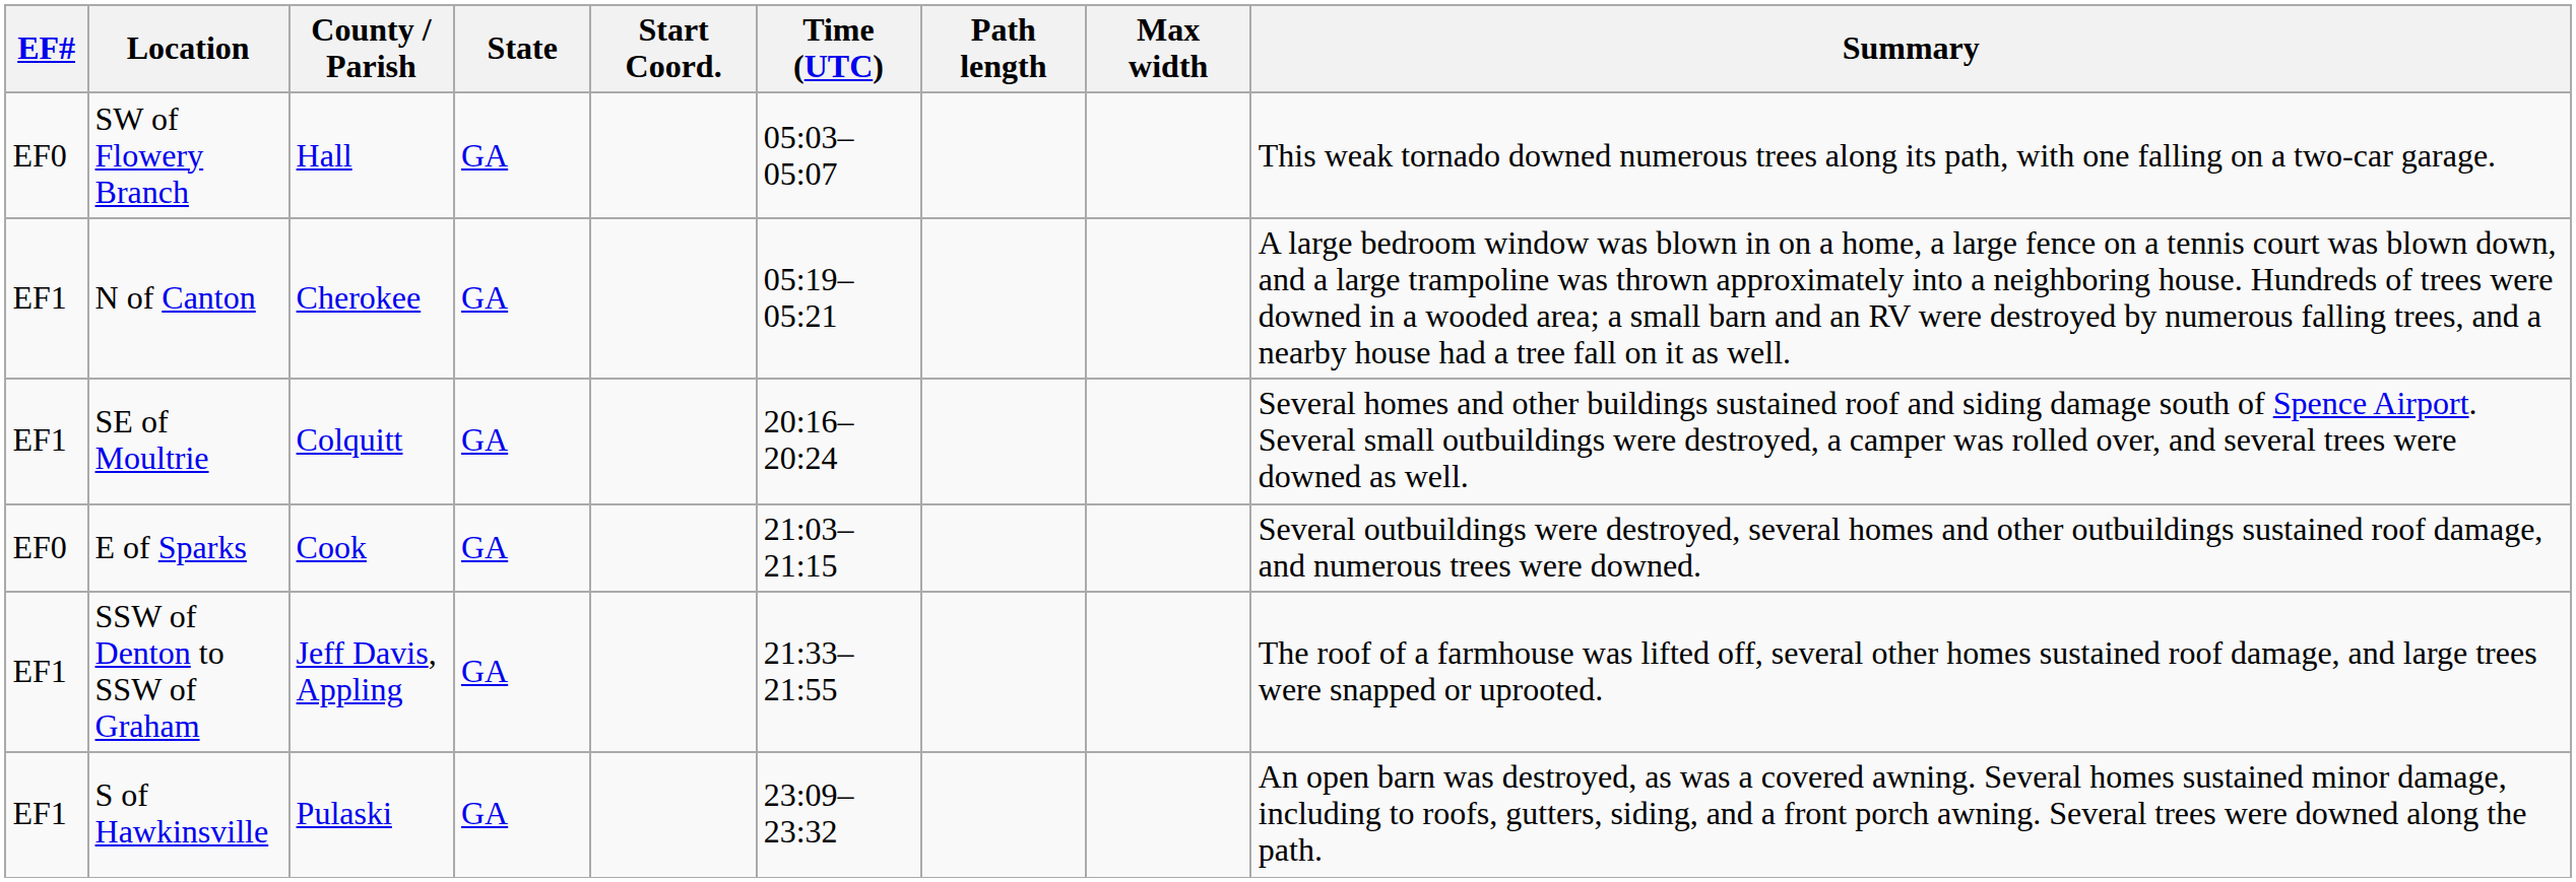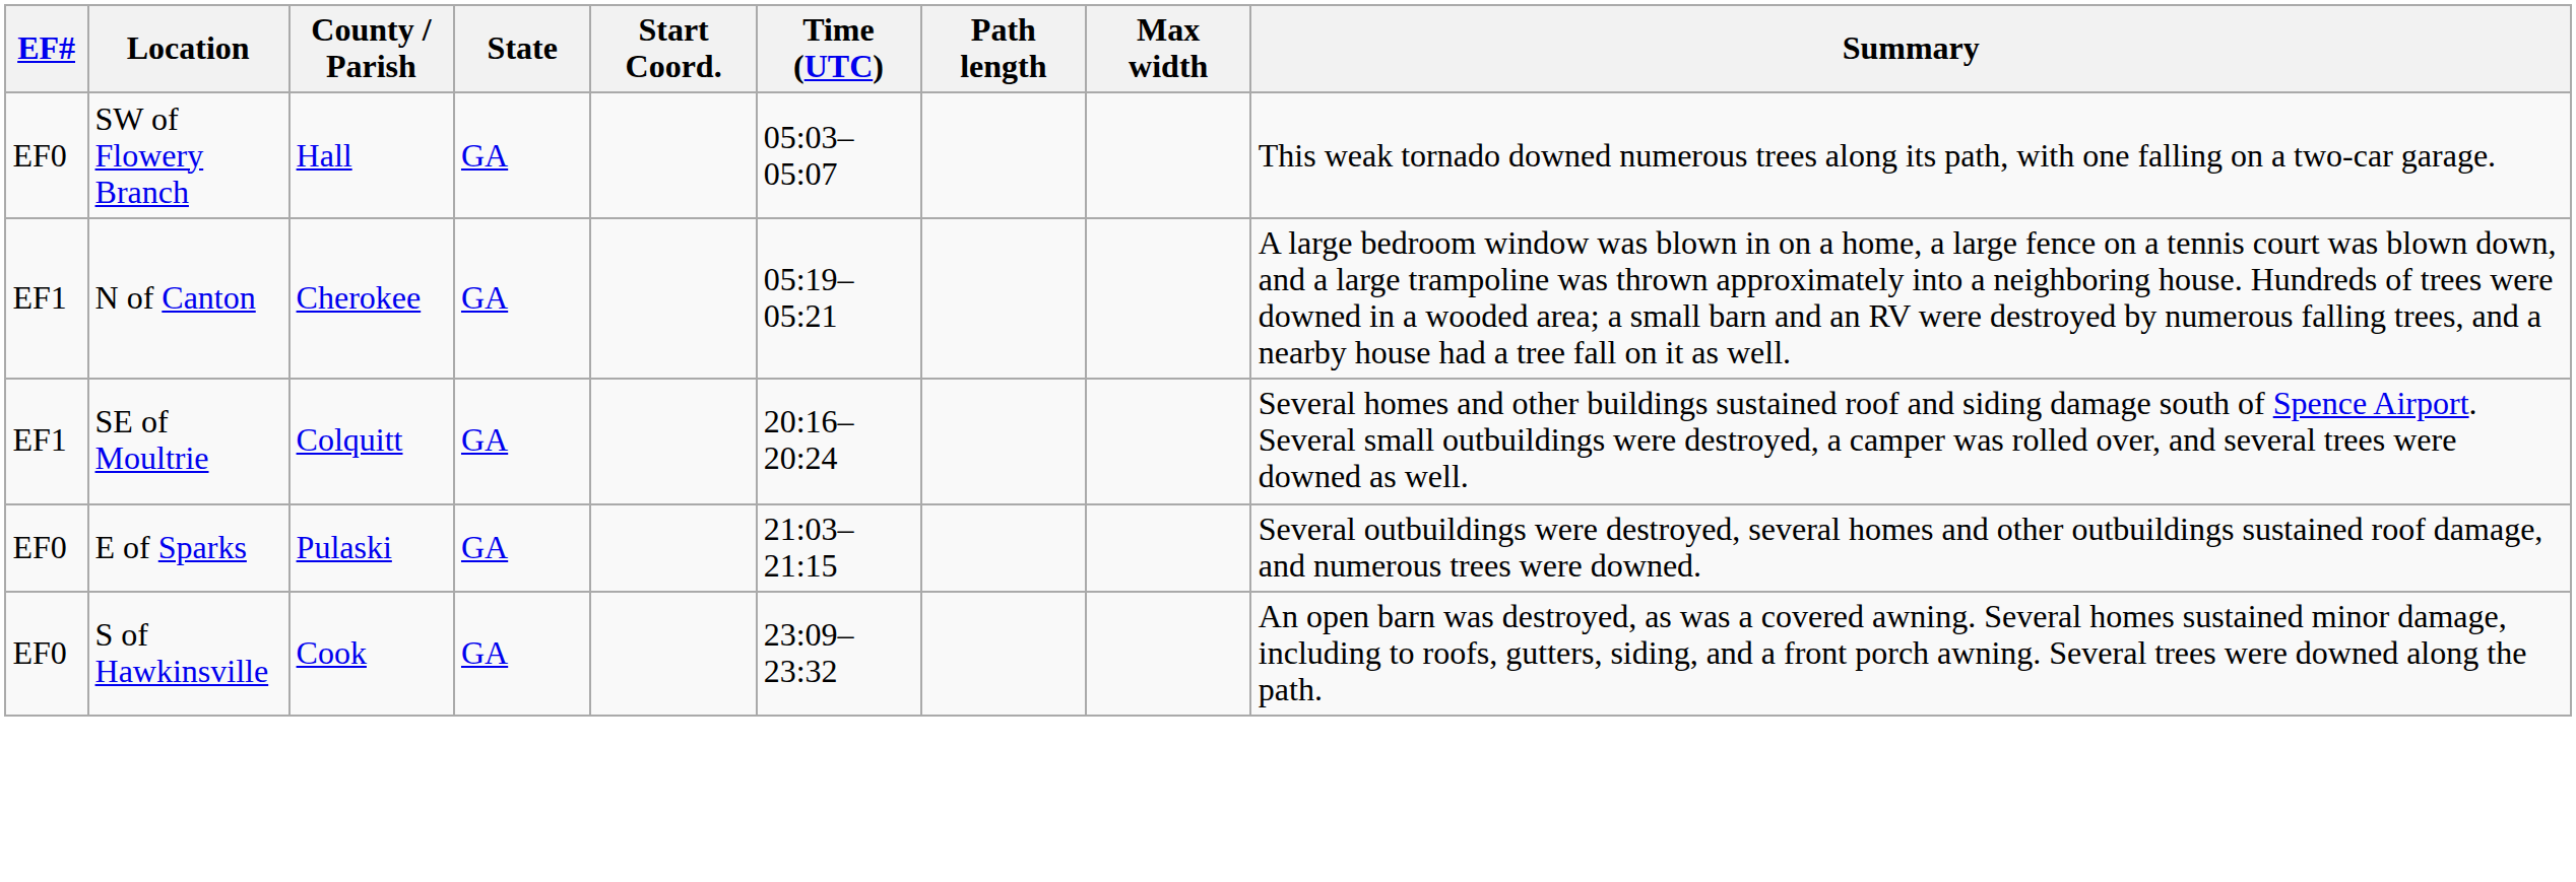 <table class="wikitable sortable" style="width:100%;">
 <tr>
 <th scope="col"  style="width:3%; text-align:center;"><a href='#'>EF#</a></th>
 <th scope="col"  style="width:7%; text-align:center;" class="unsortable">Location</th>
 <th scope="col"  style="width:6%; text-align:center;" class="unsortable">County / Parish</th>
 <th scope="col"  style="width:5%; text-align:center;">State</th>
 <th scope="col"  style="width:6%; text-align:center;">Start Coord.</th>
 <th scope="col"  style="width:6%; text-align:center;">Time (<a href='#'>UTC</a>)</th>
 <th scope="col"  style="width:6%; text-align:center;">Path length</th>
 <th scope="col"  style="width:6%; text-align:center;">Max width</th>
 <th scope="col" class="unsortable" style="width:48%; text-align:center;">Summary</th>
 </tr>
 <tr>
 <td>EF0</td>
 <td>SW of <a href='#'>Flowery Branch</a></td>
 <td><a href='#'>Hall</a></td>
 <td><a href='#'>GA</a></td>
 <td></td>
 <td>05:03–05:07</td>
 <td></td>
 <td></td>
 <td>This weak tornado downed numerous trees along its path, with one falling on a two-car garage.</td>
 </tr>
 <tr>
 <td>EF1</td>
 <td>N of <a href='#'>Canton</a></td>
 <td><a href='#'>Cherokee</a></td>
 <td><a href='#'>GA</a></td>
 <td></td>
 <td>05:19–05:21</td>
 <td></td>
 <td></td>
 <td>A large bedroom window was blown in on a home, a large fence on a tennis court was blown down, and a large trampoline was thrown approximately  into a neighboring house. Hundreds of trees were downed in a wooded area; a small barn and an RV were destroyed by numerous falling trees, and a nearby house had a tree fall on it as well.</td>
 </tr>
 <tr>
 <td>EF1</td>
 <td>SE of <a href='#'>Moultrie</a></td>
 <td><a href='#'>Colquitt</a></td>
 <td><a href='#'>GA</a></td>
 <td></td>
 <td>20:16–20:24</td>
 <td></td>
 <td></td>
 <td>Several homes and other buildings sustained roof and siding damage south of <a href='#'>Spence Airport</a>. Several small outbuildings were destroyed, a camper was rolled over, and several trees were downed as well.</td>
 </tr>
 <tr>
 <td>EF0</td>
 <td>E of <a href='#'>Sparks</a></td>
-<td><a href='#'>Cook</a></td>
+<td><a href='#'>Pulaski</a></td>
 <td><a href='#'>GA</a></td>
 <td></td>
 <td>21:03–21:15</td>
 <td></td>
 <td></td>
 <td>Several outbuildings were destroyed, several homes and other outbuildings sustained roof damage, and numerous trees were downed.</td>
 </tr>
 <tr>
-<td>EF1</td>
-<td>SSW of <a href='#'>Denton</a> to SSW of <a href='#'>Graham</a></td>
-<td><a href='#'>Jeff Davis</a>, <a href='#'>Appling</a></td>
-<td><a href='#'>GA</a></td>
-<td></td>
-<td>21:33–21:55</td>
-<td></td>
-<td></td>
-<td>The roof of a farmhouse was lifted off, several other homes sustained roof damage, and large trees were snapped or uprooted.</td>
-</tr>
-<tr>
-<td>EF1</td>
+<td>EF0</td>
 <td>S of <a href='#'>Hawkinsville</a></td>
-<td><a href='#'>Pulaski</a></td>
+<td><a href='#'>Cook</a></td>
 <td><a href='#'>GA</a></td>
 <td></td>
 <td>23:09–23:32</td>
 <td></td>
 <td></td>
 <td>An open barn was destroyed, as was a covered awning. Several homes sustained minor damage, including to roofs, gutters, siding, and a front porch awning. Several trees were downed along the path.</td>
 </tr>
 <tr>
 </tr>
 </table>
